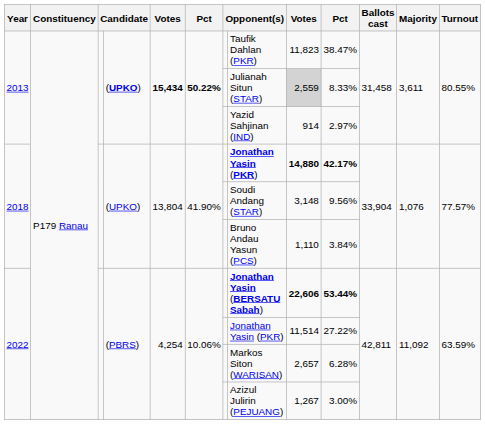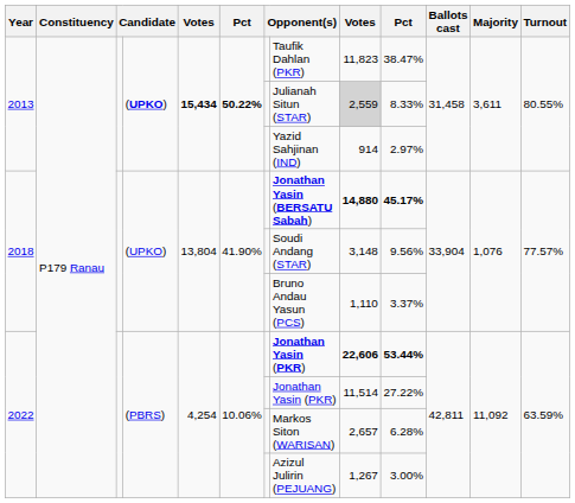 <table class="wikitable" style="margin:0.5em ; font-size:95%">
 <tr>
 <th>Year</th>
 <th>Constituency</th>
 <th colspan=2>Candidate</th>
 <th>Votes</th>
 <th>Pct</th>
 <th colspan=2>Opponent(s)</th>
 <th>Votes</th>
 <th>Pct</th>
 <th>Ballots cast</th>
 <th>Majority</th>
 <th>Turnout</th>
 </tr>
 <tr>
 <td rowspan=3><a href='#'>2013</a></td>
 <td rowspan=10>P179 <a href='#'>Ranau</a></td>
 <td rowspan=3 ></td>
 <td rowspan=3> (<a href='#'><strong>UPKO</strong></a>)</td>
 <td rowspan=3 align="right"><strong>15,434</strong></td>
 <td rowspan=3><strong>50.22%</strong></td>
 <td></td>
 <td>Taufik Dahlan (<a href='#'>PKR</a>)</td>
 <td align="right">11,823</td>
 <td>38.47%</td>
 <td rowspan=3>31,458</td>
 <td rowspan=3>3,611</td>
 <td rowspan=3>80.55%</td>
 </tr>
 <tr>
 <td></td>
 <td>Julianah Situn (<a href='#'>STAR</a>)</td>
 <td align=right style="background: lightgrey;">2,559</td>
 <td align=right>8.33%</td>
 </tr>
 <tr>
 <td></td>
 <td>Yazid Sahjinan (<a href='#'>IND</a>)</td>
 <td align=right>914</td>
 <td align=right>2.97%</td>
 </tr>
 <tr>
 <td rowspan=3><a href='#'>2018</a></td>
 <td rowspan=3 ></td>
 <td rowspan=3> (<a href='#'>UPKO</a>)</td>
 <td rowspan=3 align="right">13,804</td>
 <td rowspan=3>41.90%</td>
 <td></td>
-<td><strong><a href='#'>Jonathan Yasin</a></strong> (<a href='#'><strong>PKR</strong></a>)</td>
+<td><strong><a href='#'>Jonathan Yasin</a></strong> (<a href='#'><strong>BERSATU Sabah</strong></a>)</td>
 <td align="right"><strong>14,880</strong></td>
-<td><strong>42.17%</strong></td>
+<td><strong>45.17%</strong></td>
 <td rowspan=3>33,904</td>
 <td rowspan=3>1,076</td>
 <td rowspan=3>77.57%</td>
 </tr>
 <tr>
 <td></td>
 <td>Soudi Andang (<a href='#'>STAR</a>)</td>
 <td align="right">3,148</td>
 <td align="right">9.56%</td>
 </tr>
 <tr>
 <td bgcolor=></td>
 <td>Bruno Andau Yasun (<a href='#'>PCS</a>)</td>
 <td align="right">1,110</td>
-<td align="right">3.84%</td>
+<td align="right">3.37%</td>
 </tr>
 <tr>
 <td rowspan=4><a href='#'>2022</a></td>
 <td rowspan=4 bgcolor=></td>
 <td rowspan=4> (<a href='#'>PBRS</a>)</td>
 <td rowspan=4 align="right">4,254</td>
 <td rowspan=4>10.06%</td>
 <td></td>
-<td><strong><a href='#'>Jonathan Yasin</a></strong> (<a href='#'><strong>BERSATU Sabah</strong></a>)</td>
+<td><strong><a href='#'>Jonathan Yasin</a></strong> (<a href='#'><strong>PKR</strong></a>)</td>
 <td align="right"><strong>22,606</strong></td>
 <td><strong>53.44%</strong></td>
 <td rowspan=4>42,811</td>
 <td rowspan=4>11,092</td>
 <td rowspan=4>63.59%</td>
 </tr>
 <tr>
 <td></td>
 <td><a href='#'>Jonathan Yasin</a> (<a href='#'>PKR</a>)</td>
 <td align="right">11,514</td>
 <td>27.22%</td>
 </tr>
 <tr>
 <td></td>
 <td>Markos Siton (<a href='#'>WARISAN</a>)</td>
 <td align="right">2,657</td>
 <td align="right">6.28%</td>
 </tr>
 <tr>
 <td bgcolor=></td>
 <td>Azizul Julirin (<a href='#'>PEJUANG</a>)</td>
 <td align="right">1,267</td>
 <td align="right">3.00%</td>
 </tr>
 </table>
